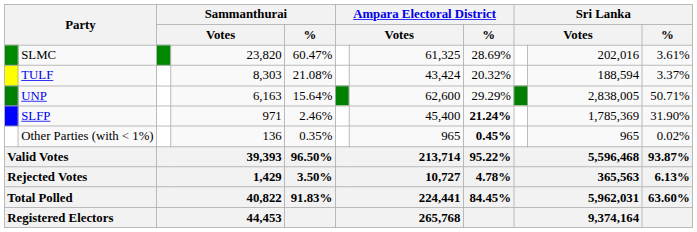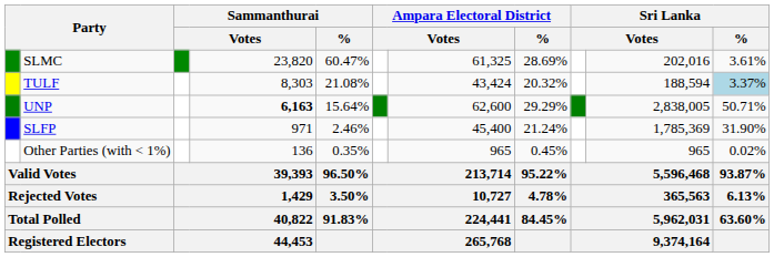 <table class="wikitable">
 <tr>
 <th colspan="2" width="144px"rowspan="2">Party</th>
 <th colspan="3" width="216px">Sammanthurai</th>
 <th colspan="3" width="216px"><a href='#'>Ampara Electoral District</a></th>
 <th colspan="3" width="216px">Sri Lanka</th>
 </tr>
 <tr>
 <th colspan="2" width="144px">Votes</th>
 <th>%</th>
 <th colspan="2" width="144px">Votes</th>
 <th>%</th>
 <th colspan="2" width="144px">Votes</th>
 <th>%</th>
 </tr>
 <tr>
 <td style="background-color:#008800;" width="10px"></td>
 <td style="text-align:left;">SLMC</td>
 <td style="background-color:#008800;" width="10px"></td>
 <td style="text-align:right;">23,820</td>
 <td style="text-align:right;">60.47%</td>
 <td style="background-color:white;" width="10px"></td>
 <td style="text-align:right;">61,325</td>
 <td style="text-align:right;">28.69%</td>
 <td style="background-color:white;" width="10px"></td>
 <td style="text-align:right;">202,016</td>
 <td style="text-align:right;">3.61%</td>
 </tr>
 <tr>
 <td style="background-color:yellow;" width="10px"></td>
 <td style="text-align:left;"><a href='#'>TULF</a></td>
 <td style="background-color:white;" width="10px"></td>
 <td style="text-align:right;">8,303</td>
 <td style="text-align:right;">21.08%</td>
 <td style="background-color:white;" width="10px"></td>
 <td style="text-align:right;">43,424</td>
 <td style="text-align:right;">20.32%</td>
 <td style="background-color:white;" width="10px"></td>
 <td style="text-align:right;">188,594</td>
-<td style="text-align:right;">3.37%</td>
+<td style="background: lightblue; text-align:right;">3.37%</td>
 </tr>
 <tr>
 <td style="background-color:green;" width="10px"></td>
 <td style="text-align:left;"><a href='#'>UNP</a></td>
 <td style="background-color:white;" width="10px"></td>
-<td style="text-align:right;">6,163</td>
+<td style="text-align:right;"><strong>6,163</strong></td>
 <td style="text-align:right;">15.64%</td>
 <td style="background-color:green;" width="10px"></td>
 <td style="text-align:right;">62,600</td>
 <td style="text-align:right;">29.29%</td>
 <td style="background-color:green;" width="10px"></td>
 <td style="text-align:right;">2,838,005</td>
 <td style="text-align:right;">50.71%</td>
 </tr>
 <tr>
 <td style="background-color:blue;" width="10px"></td>
 <td style="text-align:left;"><a href='#'>SLFP</a></td>
 <td style="background-color:white;" width="10px"></td>
 <td style="text-align:right;">971</td>
 <td style="text-align:right;">2.46%</td>
 <td style="background-color:white;" width="10px"></td>
 <td style="text-align:right;">45,400</td>
-<td style="text-align:right;"><strong>21.24%</strong></td>
+<td style="text-align:right;">21.24%</td>
 <td style="background-color:white;" width="10px"></td>
 <td style="text-align:right;">1,785,369</td>
 <td style="text-align:right;">31.90%</td>
 </tr>
 <tr>
 <td style="background-color:white;" width="10px"></td>
 <td style="text-align:left;">Other Parties (with < 1%)</td>
 <td style="background-color:white;" width="10px"></td>
 <td style="text-align:right;">136</td>
 <td style="text-align:right;">0.35%</td>
 <td style="background-color:white;" width="10px"></td>
 <td style="text-align:right;">965</td>
-<td style="text-align:right;"><strong>0.45%</strong></td>
+<td style="text-align:right;">0.45%</td>
 <td style="background-color:white;" width="10px"></td>
 <td style="text-align:right;">965</td>
 <td style="text-align:right;">0.02%</td>
 </tr>
 <tr>
 <th colspan="2" width="144px"style="text-align:left;">Valid Votes</th>
 <th style="text-align:right;"colspan="2" width="144px">39,393</th>
 <th style="text-align:right;">96.50%</th>
 <th style="text-align:right;"colspan="2" width="144px">213,714</th>
 <th style="text-align:right;">95.22%</th>
 <th style="text-align:right;"colspan="2" width="144px">5,596,468</th>
 <th style="text-align:right;">93.87%</th>
 </tr>
 <tr>
 <th colspan="2" width="144px"style="text-align:left;">Rejected Votes</th>
 <th style="text-align:right;"colspan="2" width="144px">1,429</th>
 <th style="text-align:right;">3.50%</th>
 <th style="text-align:right;"colspan="2" width="144px">10,727</th>
 <th style="text-align:right;">4.78%</th>
 <th style="text-align:right;"colspan="2" width="144px">365,563</th>
 <th style="text-align:right;">6.13%</th>
 </tr>
 <tr>
 <th colspan="2" width="144px"style="text-align:left;">Total Polled</th>
 <th style="text-align:right;"colspan="2" width="144px">40,822</th>
 <th style="text-align:right;">91.83%</th>
 <th style="text-align:right;"colspan="2" width="144px">224,441</th>
 <th style="text-align:right;">84.45%</th>
 <th style="text-align:right;"colspan="2" width="144px">5,962,031</th>
 <th style="text-align:right;">63.60%</th>
 </tr>
 <tr>
 <th colspan="2" width="144px"style="text-align:left;">Registered Electors</th>
 <th style="text-align:right;"colspan="2" width="144px">44,453</th>
 <th></th>
 <th style="text-align:right;"colspan="2" width="144px">265,768</th>
 <th></th>
 <th style="text-align:right;"colspan="2" width="144px">9,374,164</th>
 <th></th>
 </tr>
 </table>
